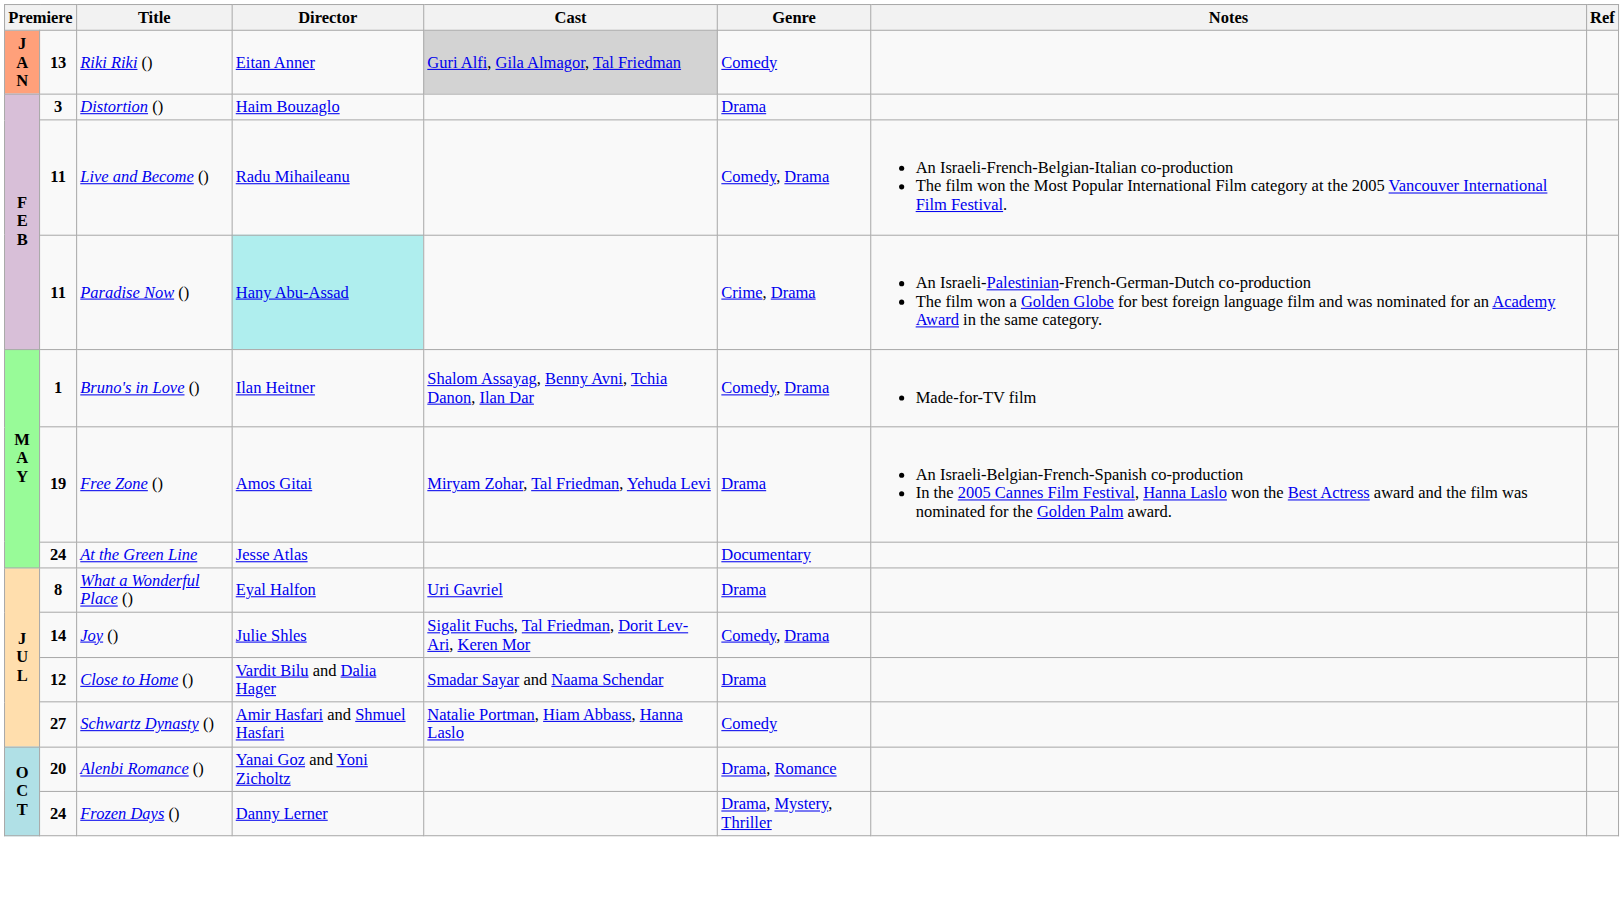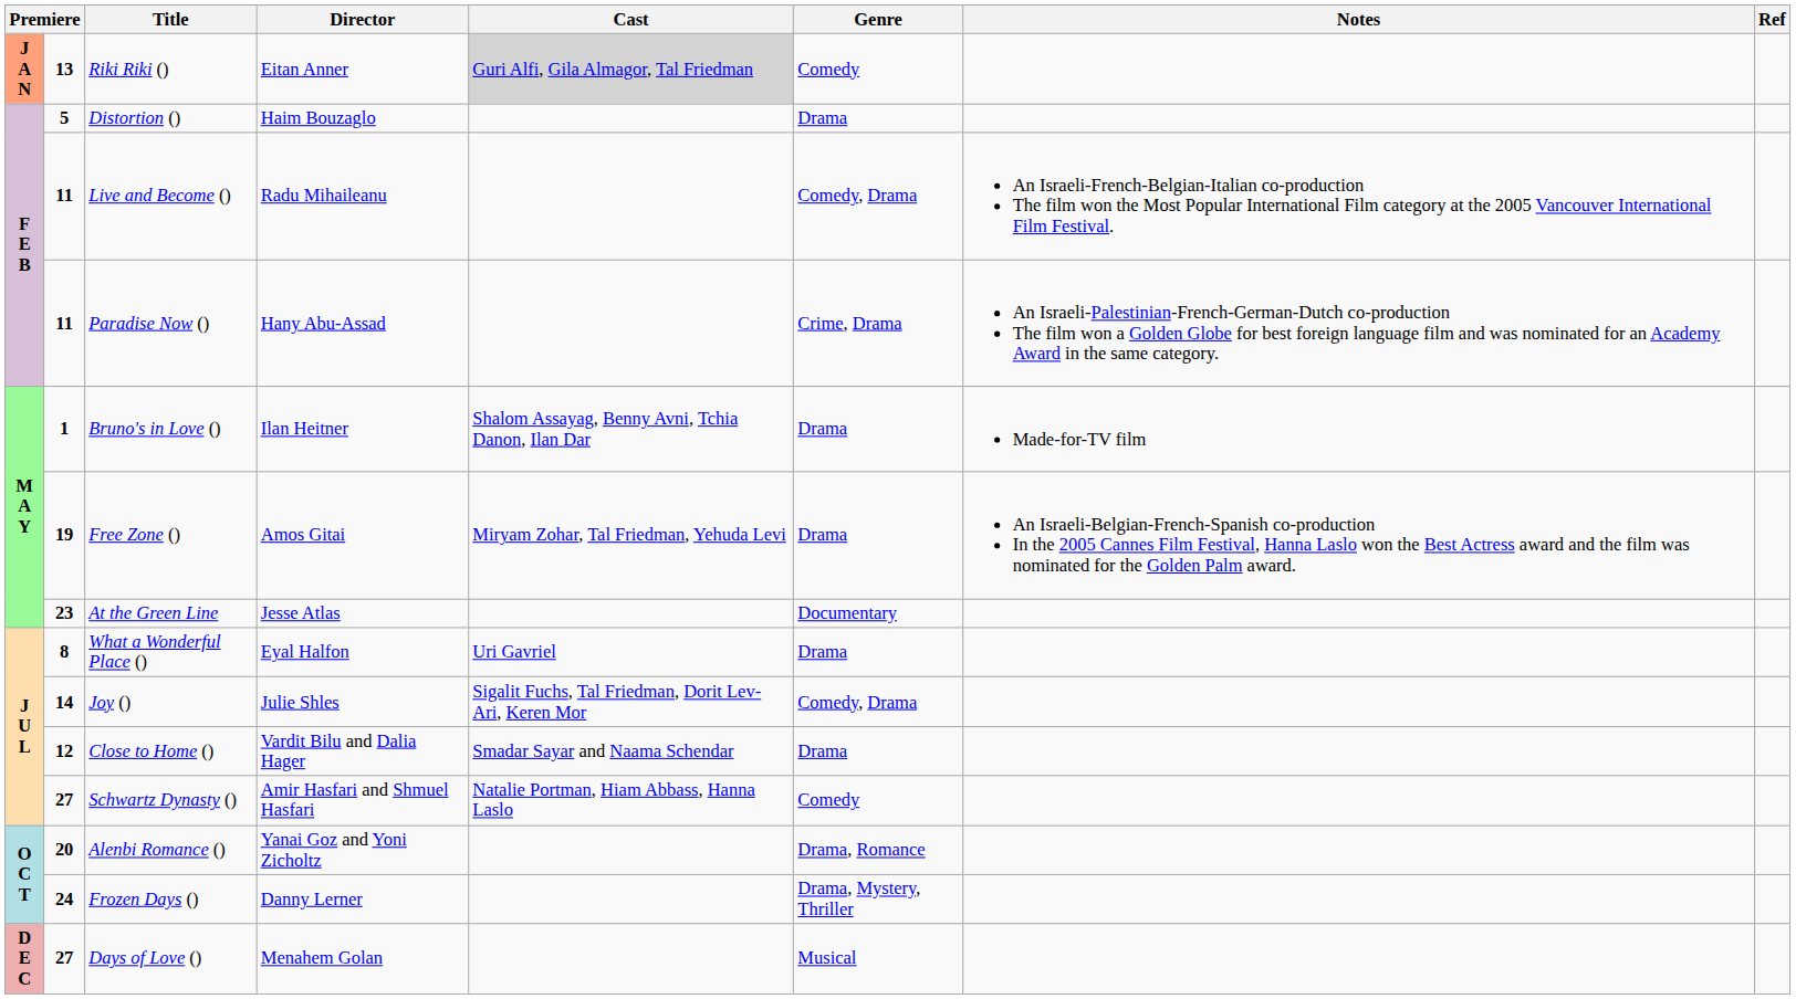 <table class="wikitable">
 <tr>
 <th colspan="2">Premiere</th>
 <th>Title</th>
 <th>Director</th>
 <th>Cast</th>
 <th>Genre</th>
 <th>Notes</th>
 <th>Ref</th>
 </tr>
 <tr>
 <td style="text-align:center; background:#ffa07a; textcolor:#000;"><strong>J<br>A<br>N</strong></td>
 <td style="text-align:center;"><strong>13</strong></td>
 <td><em><a href='#'>Riki Riki</a></em> ()</td>
 <td><a href='#'>Eitan Anner</a></td>
 <td style="background: lightgrey;"><a href='#'>Guri Alfi</a>, <a href='#'>Gila Almagor</a>, <a href='#'>Tal Friedman</a></td>
 <td><a href='#'>Comedy</a></td>
 <td></td>
 <td></td>
 </tr>
 <tr>
 <td rowspan="3"   style="text-align:center; background:thistle; textcolor:#000;"><strong>F<br>E<br>B</strong></td>
-<td style="text-align:center;"><strong>3</strong></td>
+<td style="text-align:center;"><strong>5</strong></td>
 <td><em><a href='#'>Distortion</a></em> ()</td>
 <td><a href='#'>Haim Bouzaglo</a></td>
 <td></td>
 <td><a href='#'>Drama</a></td>
 <td></td>
 <td></td>
 </tr>
 <tr>
 <td style="text-align:center;"><strong>11</strong></td>
 <td><em><a href='#'>Live and Become</a></em> ()</td>
 <td><a href='#'>Radu Mihaileanu</a></td>
 <td></td>
 <td><a href='#'>Comedy</a>, <a href='#'>Drama</a></td>
 <td><br><ul><li>An Israeli-French-Belgian-Italian co-production</li><li>The film won the Most Popular International Film category at the 2005 <a href='#'>Vancouver International Film Festival</a>.</li></ul></td>
 <td></td>
 </tr>
 <tr>
 <td style="text-align:center;"><strong>11</strong></td>
 <td><em><a href='#'>Paradise Now</a></em> ()</td>
-<td style="background: paleturquoise;"><a href='#'>Hany Abu-Assad</a></td>
+<td><a href='#'>Hany Abu-Assad</a></td>
 <td></td>
 <td><a href='#'>Crime</a>, <a href='#'>Drama</a></td>
 <td><br><ul><li>An Israeli-<a href='#'>Palestinian</a>-French-German-Dutch co-production</li><li>The film won a <a href='#'>Golden Globe</a> for best foreign language film and was nominated for an <a href='#'>Academy Award</a> in the same category.</li></ul></td>
 <td></td>
 </tr>
 <tr>
 <td rowspan="3"   style="text-align:center; background:#98fb98; textcolor:#000;"><strong>M<br>A<br>Y</strong></td>
 <td style="text-align:center;"><strong>1</strong></td>
 <td><em><a href='#'>Bruno's in Love</a></em> ()</td>
 <td><a href='#'>Ilan Heitner</a></td>
 <td><a href='#'>Shalom Assayag</a>, <a href='#'>Benny Avni</a>, <a href='#'>Tchia Danon</a>, <a href='#'>Ilan Dar</a></td>
-<td><a href='#'>Comedy</a>, <a href='#'>Drama</a></td>
+<td><a href='#'>Drama</a></td>
 <td><br><ul><li>Made-for-TV film</li></ul></td>
 <td></td>
 </tr>
 <tr>
 <td style="text-align:center;"><strong>19</strong></td>
 <td><em><a href='#'>Free Zone</a></em> ()</td>
 <td><a href='#'>Amos Gitai</a></td>
 <td><a href='#'>Miryam Zohar</a>, <a href='#'>Tal Friedman</a>, <a href='#'>Yehuda Levi</a></td>
 <td><a href='#'>Drama</a></td>
 <td><br><ul><li>An Israeli-Belgian-French-Spanish co-production</li><li>In the <a href='#'>2005 Cannes Film Festival</a>, <a href='#'>Hanna Laslo</a> won the <a href='#'>Best Actress</a> award and the film was nominated for the <a href='#'>Golden Palm</a> award.</li></ul></td>
 <td></td>
 </tr>
 <tr>
-<td style="text-align:center;"><strong>24</strong></td>
+<td style="text-align:center;"><strong>23</strong></td>
 <td><em><a href='#'>At the Green Line</a></em></td>
 <td><a href='#'>Jesse Atlas</a></td>
 <td></td>
 <td><a href='#'>Documentary</a></td>
 <td></td>
 <td></td>
 </tr>
 <tr>
 <td rowspan="4"   style="text-align:center; background:#ffdead; textcolor:#000;"><strong>J<br>U<br>L</strong></td>
 <td style="text-align:center;"><strong>8</strong></td>
 <td><em><a href='#'>What a Wonderful Place</a></em> ()</td>
 <td><a href='#'>Eyal Halfon</a></td>
 <td><a href='#'>Uri Gavriel</a></td>
 <td><a href='#'>Drama</a></td>
 <td></td>
 <td></td>
 </tr>
 <tr>
 <td style="text-align:center;"><strong>14</strong></td>
 <td><em><a href='#'>Joy</a></em> ()</td>
 <td><a href='#'>Julie Shles</a></td>
 <td><a href='#'>Sigalit Fuchs</a>, <a href='#'>Tal Friedman</a>, <a href='#'>Dorit Lev-Ari</a>, <a href='#'>Keren Mor</a></td>
 <td><a href='#'>Comedy</a>, <a href='#'>Drama</a></td>
 <td></td>
 <td></td>
 </tr>
 <tr>
 <td style="text-align:center;"><strong>12</strong></td>
 <td><em><a href='#'>Close to Home</a></em> ()</td>
 <td><a href='#'>Vardit Bilu</a> and <a href='#'>Dalia Hager</a></td>
 <td><a href='#'>Smadar Sayar</a> and <a href='#'>Naama Schendar</a></td>
 <td><a href='#'>Drama</a></td>
 <td></td>
 <td></td>
 </tr>
 <tr>
 <td style="text-align:center;"><strong>27</strong></td>
 <td><em><a href='#'>Schwartz Dynasty</a></em> ()</td>
 <td><a href='#'>Amir Hasfari</a> and <a href='#'>Shmuel Hasfari</a></td>
 <td><a href='#'>Natalie Portman</a>, <a href='#'>Hiam Abbass</a>, <a href='#'>Hanna Laslo</a></td>
 <td><a href='#'>Comedy</a></td>
 <td></td>
 <td></td>
 </tr>
 <tr>
 <td rowspan="2"   style="text-align:center; background:#b0e0e6; textcolor:#000;"><strong>O<br>C<br>T</strong></td>
 <td style="text-align:center;"><strong>20</strong></td>
 <td><em><a href='#'>Alenbi Romance</a></em> ()</td>
 <td><a href='#'>Yanai Goz</a> and <a href='#'>Yoni Zicholtz</a></td>
 <td></td>
 <td><a href='#'>Drama</a>, <a href='#'>Romance</a></td>
 <td></td>
 <td></td>
 </tr>
 <tr>
 <td style="text-align:center;"><strong>24</strong></td>
 <td><em><a href='#'>Frozen Days</a></em> ()</td>
 <td><a href='#'>Danny Lerner</a></td>
 <td></td>
 <td><a href='#'>Drama</a>, <a href='#'>Mystery</a>, <a href='#'>Thriller</a></td>
 <td></td>
 <td></td>
 </tr>
+<tr>
+<td style="text-align:center; background:#edafaf; textcolor:#000;"><strong>D<br>E<br>C</strong></td>
+<td style="text-align:center;"><strong>27</strong></td>
+<td><em><a href='#'>Days of Love</a></em> ()</td>
+<td><a href='#'>Menahem Golan</a></td>
+<td></td>
+<td><a href='#'>Musical</a></td>
+<td></td>
+<td></td>
+</tr>
 </table>
